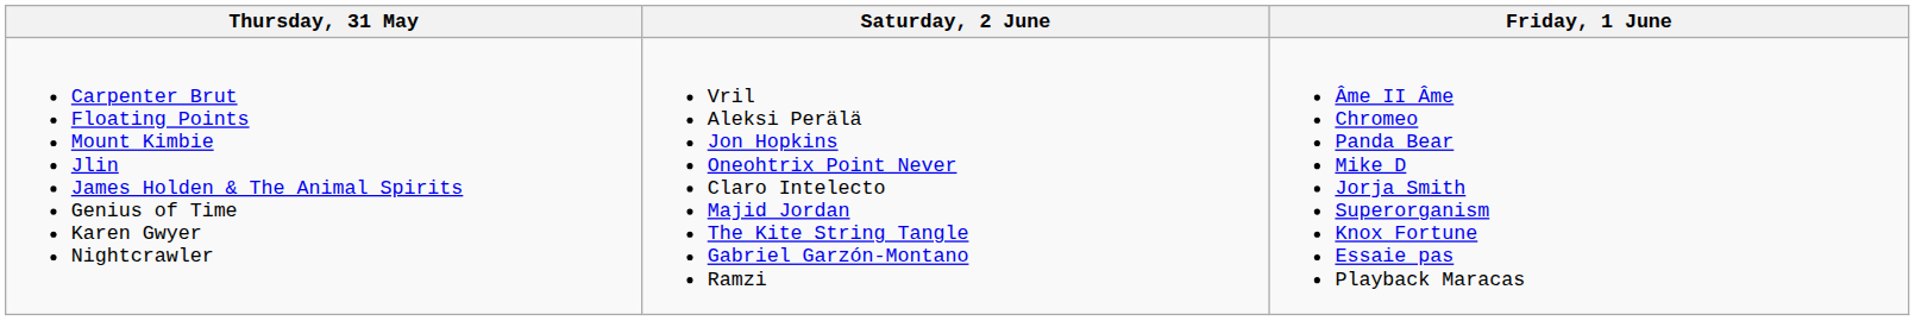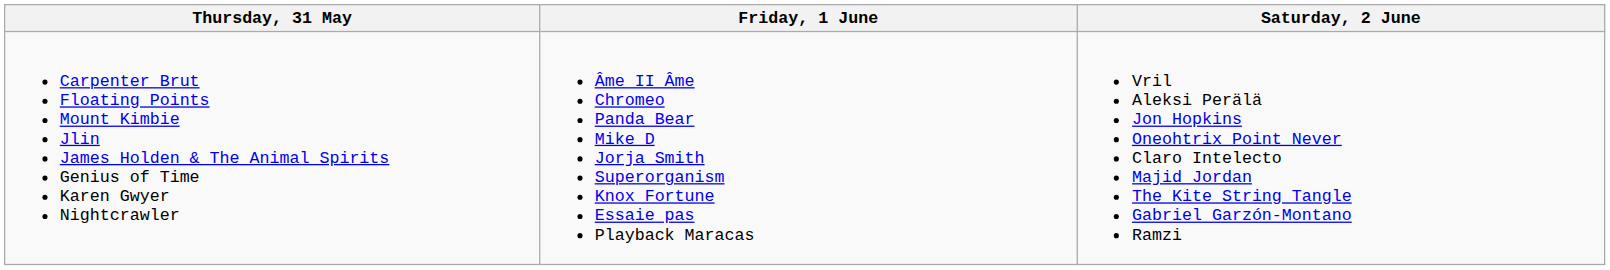 <table class="wikitable">
 <tr>
 <th width="500">Thursday, 31 May</th>
+<th width="500">Friday, 1 June</th>
 <th width="500">Saturday, 2 June</th>
-<th width="500">Friday, 1 June</th>
 </tr>
 <tr valign="top">
 <td><br><ul><li><a href='#'>Carpenter Brut</a></li><li><a href='#'>Floating Points</a></li><li><a href='#'>Mount Kimbie</a></li><li><a href='#'>Jlin</a></li><li><a href='#'>James Holden & The Animal Spirits</a></li><li>Genius of Time</li><li>Karen Gwyer</li><li>Nightcrawler</li></ul></td>
+<td><br><ul><li><a href='#'>Âme II Âme</a></li><li><a href='#'>Chromeo</a></li><li><a href='#'>Panda Bear</a></li><li><a href='#'>Mike D</a></li><li><a href='#'>Jorja Smith</a></li><li><a href='#'>Superorganism</a></li><li><a href='#'>Knox Fortune</a></li><li><a href='#'>Essaie pas</a></li><li>Playback Maracas</li></ul></td>
 <td><br><ul><li>Vril</li><li>Aleksi Perälä</li><li><a href='#'>Jon Hopkins</a></li><li><a href='#'>Oneohtrix Point Never</a></li><li>Claro Intelecto</li><li><a href='#'>Majid Jordan</a></li><li><a href='#'>The Kite String Tangle</a></li><li><a href='#'>Gabriel Garzón-Montano</a></li><li>Ramzi</li></ul></td>
-<td><br><ul><li><a href='#'>Âme II Âme</a></li><li><a href='#'>Chromeo</a></li><li><a href='#'>Panda Bear</a></li><li><a href='#'>Mike D</a></li><li><a href='#'>Jorja Smith</a></li><li><a href='#'>Superorganism</a></li><li><a href='#'>Knox Fortune</a></li><li><a href='#'>Essaie pas</a></li><li>Playback Maracas</li></ul></td>
 </tr>
 </table>
